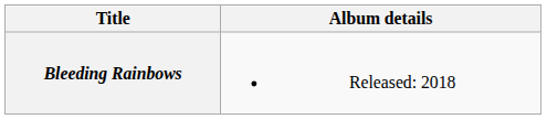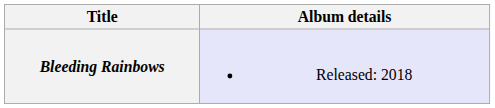 <table class="wikitable plainrowheaders" style="text-align: center;">
 <tr>
 <th scope="col" style="width: 12em;">Title</th>
 <th scope="col" style="width: 18em;">Album details</th>
 </tr>
 <tr>
 <th scope="row"><em>Bleeding Rainbows</em></th>
-<td><br><ul><li>Released: 2018</li></ul></td>
+<td style="background: lavender;"><br><ul><li>Released: 2018</li></ul></td>
 </tr>
 </table>
